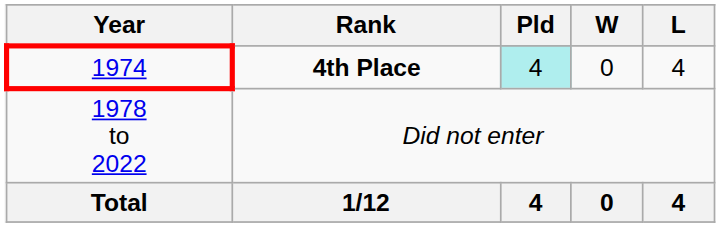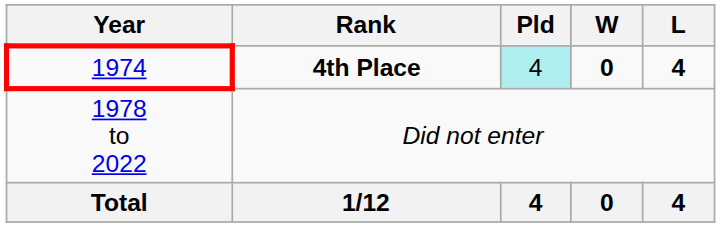 <table class="wikitable" style="text-align: center;font-size:90%;">
 <tr>
 <th width=125>Year</th>
 <th width=150>Rank</th>
 <th width=35>Pld</th>
 <th width=35>W</th>
 <th width=35>L</th>
 </tr>
 <tr>
 <td style="border: 3px solid red"> <a href='#'>1974</a></td>
 <td><strong>4th Place</strong></td>
 <td style="background: paleturquoise;">4</td>
-<td>0</td>
-<td>4</td>
+<td><strong>0</strong></td>
+<td><strong>4</strong></td>
 </tr>
 <tr>
 <td> <a href='#'>1978</a><br>to<br> <a href='#'>2022</a></td>
 <td colspan=4><em>Did not enter</em></td>
 </tr>
 <tr>
 <th>Total</th>
 <th>1/12</th>
 <th>4</th>
 <th>0</th>
 <th>4</th>
 </tr>
 </table>
